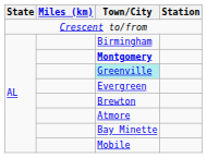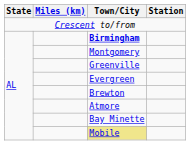 <table class="wikitable mw-collapsible">
 <tr>
 <th>State</th>
 <th><a href='#'>Miles (km)</a></th>
 <th>Town/City</th>
 <th>Station</th>
 </tr>
 <tr>
 <td colspan=5 style="text-align:center;"><em><a href='#'>Crescent</a> to/from </em></td>
 </tr>
 <tr>
 <td rowspan=8><a href='#'>AL</a></td>
 <td></td>
-<td><a href='#'>Birmingham</a></td>
+<td><strong><a href='#'>Birmingham</a></strong></td>
 <td></td>
 </tr>
 <tr>
 <td></td>
-<td><strong><a href='#'>Montgomery</a></strong></td>
+<td><a href='#'>Montgomery</a></td>
 <td></td>
 </tr>
 <tr>
 <td></td>
-<td style="background: paleturquoise;"><a href='#'>Greenville</a></td>
+<td><a href='#'>Greenville</a></td>
 <td></td>
 </tr>
 <tr>
 <td></td>
 <td><a href='#'>Evergreen</a></td>
 <td></td>
 </tr>
 <tr>
 <td></td>
 <td><a href='#'>Brewton</a></td>
 <td></td>
 </tr>
 <tr>
 <td></td>
 <td><a href='#'>Atmore</a></td>
 <td></td>
 </tr>
 <tr>
 <td></td>
 <td><a href='#'>Bay Minette</a></td>
 <td></td>
 </tr>
 <tr>
 <td></td>
-<td><a href='#'>Mobile</a></td>
+<td style="background: khaki;"><a href='#'>Mobile</a></td>
 <td></td>
 </tr>
 </table>
